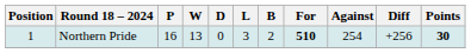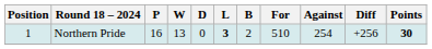 <table class="wikitable" style="text-align:center; font-size:85%;">
 <tr style="background: #d7ebed;">
 <th width="40" abbr="Position">Position</th>
 <th width="100">Round 18 – 2024</th>
 <th width="20" abbr="Played">P</th>
 <th width="20" abbr="Won">W</th>
 <th width="20" abbr="Drawn">D</th>
 <th width="20" abbr="Lost">L</th>
 <th width="20" abbr="Bye">B</th>
 <th width="40" abbr="Points for">For</th>
 <th width="40" abbr="Points against">Against</th>
 <th width="40" abbr="Points difference">Diff</th>
 <th width="40" abbr="Points">Points</th>
 </tr>
 <tr style="background: #d7ebed;">
 <td>1</td>
 <td style="text-align:left;"> Northern Pride</td>
 <td>16</td>
 <td>13</td>
 <td>0</td>
-<td>3</td>
+<td><strong>3</strong></td>
 <td>2</td>
-<td><strong>510</strong></td>
+<td>510</td>
 <td>254</td>
 <td>+256</td>
 <td><strong>30</strong></td>
 </tr>
 <tr>
 </tr>
 </table>
